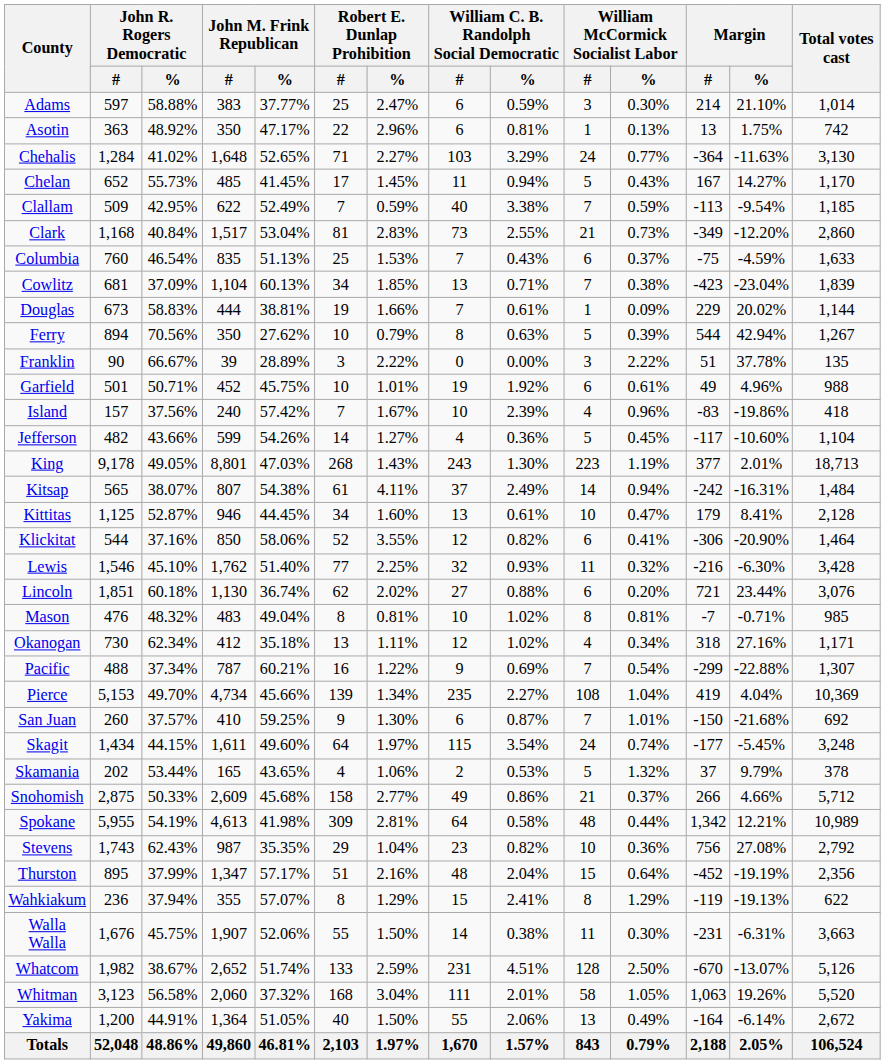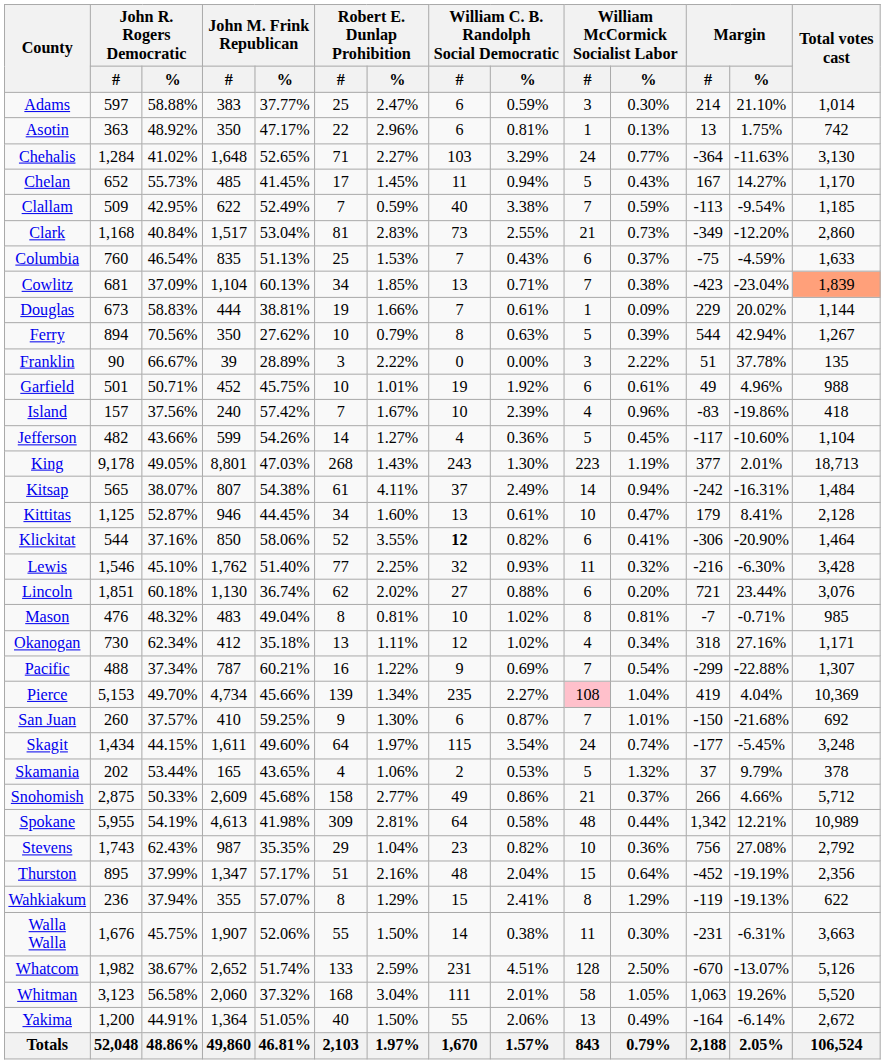 <table class="wikitable sortable">
 <tr>
 <th style="text-align:center;" rowspan="2">County</th>
 <th style="text-align:center;" colspan="2">John R. Rogers<br>Democratic</th>
 <th style="text-align:center;" colspan="2">John M. Frink<br>Republican</th>
 <th style="text-align:center;" colspan="2">Robert E. Dunlap<br>Prohibition</th>
 <th style="text-align:center;" colspan="2">William C. B. Randolph<br>Social Democratic</th>
 <th style="text-align:center;" colspan="2">William McCormick<br>Socialist Labor</th>
 <th style="text-align:center;" colspan="2">Margin</th>
 <th style="text-align:center;" rowspan="2">Total votes cast</th>
 </tr>
 <tr bgcolor="lightgrey">
 <th style="text-align:center;" data-sort-type="number">#</th>
 <th style="text-align:center;" data-sort-type="number">%</th>
 <th style="text-align:center;" data-sort-type="number">#</th>
 <th style="text-align:center;" data-sort-type="number">%</th>
 <th style="text-align:center;" data-sort-type="number">#</th>
 <th style="text-align:center;" data-sort-type="number">%</th>
 <th style="text-align:center;" data-sort-type="number">#</th>
 <th style="text-align:center;" data-sort-type="number">%</th>
 <th style="text-align:center;" data-sort-type="number">#</th>
 <th style="text-align:center;" data-sort-type="number">%</th>
 <th style="text-align:center;" data-sort-type="number">#</th>
 <th style="text-align:center;" data-sort-type="number">%</th>
 </tr>
 <tr style="text-align:center;">
 <td><a href='#'>Adams</a></td>
 <td>597</td>
 <td>58.88%</td>
 <td>383</td>
 <td>37.77%</td>
 <td>25</td>
 <td>2.47%</td>
 <td>6</td>
 <td>0.59%</td>
 <td>3</td>
 <td>0.30%</td>
 <td>214</td>
 <td>21.10%</td>
 <td>1,014</td>
 </tr>
 <tr style="text-align:center;">
 <td><a href='#'>Asotin</a></td>
 <td>363</td>
 <td>48.92%</td>
 <td>350</td>
 <td>47.17%</td>
 <td>22</td>
 <td>2.96%</td>
 <td>6</td>
 <td>0.81%</td>
 <td>1</td>
 <td>0.13%</td>
 <td>13</td>
 <td>1.75%</td>
 <td>742</td>
 </tr>
 <tr style="text-align:center;">
 <td><a href='#'>Chehalis</a></td>
 <td>1,284</td>
 <td>41.02%</td>
 <td>1,648</td>
 <td>52.65%</td>
 <td>71</td>
 <td>2.27%</td>
 <td>103</td>
 <td>3.29%</td>
 <td>24</td>
 <td>0.77%</td>
 <td>-364</td>
 <td>-11.63%</td>
 <td>3,130</td>
 </tr>
 <tr style="text-align:center;">
 <td><a href='#'>Chelan</a></td>
 <td>652</td>
 <td>55.73%</td>
 <td>485</td>
 <td>41.45%</td>
 <td>17</td>
 <td>1.45%</td>
 <td>11</td>
 <td>0.94%</td>
 <td>5</td>
 <td>0.43%</td>
 <td>167</td>
 <td>14.27%</td>
 <td>1,170</td>
 </tr>
 <tr style="text-align:center;">
 <td><a href='#'>Clallam</a></td>
 <td>509</td>
 <td>42.95%</td>
 <td>622</td>
 <td>52.49%</td>
 <td>7</td>
 <td>0.59%</td>
 <td>40</td>
 <td>3.38%</td>
 <td>7</td>
 <td>0.59%</td>
 <td>-113</td>
 <td>-9.54%</td>
 <td>1,185</td>
 </tr>
 <tr style="text-align:center;">
 <td><a href='#'>Clark</a></td>
 <td>1,168</td>
 <td>40.84%</td>
 <td>1,517</td>
 <td>53.04%</td>
 <td>81</td>
 <td>2.83%</td>
 <td>73</td>
 <td>2.55%</td>
 <td>21</td>
 <td>0.73%</td>
 <td>-349</td>
 <td>-12.20%</td>
 <td>2,860</td>
 </tr>
 <tr style="text-align:center;">
 <td><a href='#'>Columbia</a></td>
 <td>760</td>
 <td>46.54%</td>
 <td>835</td>
 <td>51.13%</td>
 <td>25</td>
 <td>1.53%</td>
 <td>7</td>
 <td>0.43%</td>
 <td>6</td>
 <td>0.37%</td>
 <td>-75</td>
 <td>-4.59%</td>
 <td>1,633</td>
 </tr>
 <tr style="text-align:center;">
 <td><a href='#'>Cowlitz</a></td>
 <td>681</td>
 <td>37.09%</td>
 <td>1,104</td>
 <td>60.13%</td>
 <td>34</td>
 <td>1.85%</td>
 <td>13</td>
 <td>0.71%</td>
 <td>7</td>
 <td>0.38%</td>
 <td>-423</td>
 <td>-23.04%</td>
-<td>1,839</td>
+<td style="background: lightsalmon;">1,839</td>
 </tr>
 <tr style="text-align:center;">
 <td><a href='#'>Douglas</a></td>
 <td>673</td>
 <td>58.83%</td>
 <td>444</td>
 <td>38.81%</td>
 <td>19</td>
 <td>1.66%</td>
 <td>7</td>
 <td>0.61%</td>
 <td>1</td>
 <td>0.09%</td>
 <td>229</td>
 <td>20.02%</td>
 <td>1,144</td>
 </tr>
 <tr style="text-align:center;">
 <td><a href='#'>Ferry</a></td>
 <td>894</td>
 <td>70.56%</td>
 <td>350</td>
 <td>27.62%</td>
 <td>10</td>
 <td>0.79%</td>
 <td>8</td>
 <td>0.63%</td>
 <td>5</td>
 <td>0.39%</td>
 <td>544</td>
 <td>42.94%</td>
 <td>1,267</td>
 </tr>
 <tr style="text-align:center;">
 <td><a href='#'>Franklin</a></td>
 <td>90</td>
 <td>66.67%</td>
 <td>39</td>
 <td>28.89%</td>
 <td>3</td>
 <td>2.22%</td>
 <td>0</td>
 <td>0.00%</td>
 <td>3</td>
 <td>2.22%</td>
 <td>51</td>
 <td>37.78%</td>
 <td>135</td>
 </tr>
 <tr style="text-align:center;">
 <td><a href='#'>Garfield</a></td>
 <td>501</td>
 <td>50.71%</td>
 <td>452</td>
 <td>45.75%</td>
 <td>10</td>
 <td>1.01%</td>
 <td>19</td>
 <td>1.92%</td>
 <td>6</td>
 <td>0.61%</td>
 <td>49</td>
 <td>4.96%</td>
 <td>988</td>
 </tr>
 <tr style="text-align:center;">
 <td><a href='#'>Island</a></td>
 <td>157</td>
 <td>37.56%</td>
 <td>240</td>
 <td>57.42%</td>
 <td>7</td>
 <td>1.67%</td>
 <td>10</td>
 <td>2.39%</td>
 <td>4</td>
 <td>0.96%</td>
 <td>-83</td>
 <td>-19.86%</td>
 <td>418</td>
 </tr>
 <tr style="text-align:center;">
 <td><a href='#'>Jefferson</a></td>
 <td>482</td>
 <td>43.66%</td>
 <td>599</td>
 <td>54.26%</td>
 <td>14</td>
 <td>1.27%</td>
 <td>4</td>
 <td>0.36%</td>
 <td>5</td>
 <td>0.45%</td>
 <td>-117</td>
 <td>-10.60%</td>
 <td>1,104</td>
 </tr>
 <tr style="text-align:center;">
 <td><a href='#'>King</a></td>
 <td>9,178</td>
 <td>49.05%</td>
 <td>8,801</td>
 <td>47.03%</td>
 <td>268</td>
 <td>1.43%</td>
 <td>243</td>
 <td>1.30%</td>
 <td>223</td>
 <td>1.19%</td>
 <td>377</td>
 <td>2.01%</td>
 <td>18,713</td>
 </tr>
 <tr style="text-align:center;">
 <td><a href='#'>Kitsap</a></td>
 <td>565</td>
 <td>38.07%</td>
 <td>807</td>
 <td>54.38%</td>
 <td>61</td>
 <td>4.11%</td>
 <td>37</td>
 <td>2.49%</td>
 <td>14</td>
 <td>0.94%</td>
 <td>-242</td>
 <td>-16.31%</td>
 <td>1,484</td>
 </tr>
 <tr style="text-align:center;">
 <td><a href='#'>Kittitas</a></td>
 <td>1,125</td>
 <td>52.87%</td>
 <td>946</td>
 <td>44.45%</td>
 <td>34</td>
 <td>1.60%</td>
 <td>13</td>
 <td>0.61%</td>
 <td>10</td>
 <td>0.47%</td>
 <td>179</td>
 <td>8.41%</td>
 <td>2,128</td>
 </tr>
 <tr style="text-align:center;">
 <td><a href='#'>Klickitat</a></td>
 <td>544</td>
 <td>37.16%</td>
 <td>850</td>
 <td>58.06%</td>
 <td>52</td>
 <td>3.55%</td>
-<td>12</td>
+<td><strong>12</strong></td>
 <td>0.82%</td>
 <td>6</td>
 <td>0.41%</td>
 <td>-306</td>
 <td>-20.90%</td>
 <td>1,464</td>
 </tr>
 <tr style="text-align:center;">
 <td><a href='#'>Lewis</a></td>
 <td>1,546</td>
 <td>45.10%</td>
 <td>1,762</td>
 <td>51.40%</td>
 <td>77</td>
 <td>2.25%</td>
 <td>32</td>
 <td>0.93%</td>
 <td>11</td>
 <td>0.32%</td>
 <td>-216</td>
 <td>-6.30%</td>
 <td>3,428</td>
 </tr>
 <tr style="text-align:center;">
 <td><a href='#'>Lincoln</a></td>
 <td>1,851</td>
 <td>60.18%</td>
 <td>1,130</td>
 <td>36.74%</td>
 <td>62</td>
 <td>2.02%</td>
 <td>27</td>
 <td>0.88%</td>
 <td>6</td>
 <td>0.20%</td>
 <td>721</td>
 <td>23.44%</td>
 <td>3,076</td>
 </tr>
 <tr style="text-align:center;">
 <td><a href='#'>Mason</a></td>
 <td>476</td>
 <td>48.32%</td>
 <td>483</td>
 <td>49.04%</td>
 <td>8</td>
 <td>0.81%</td>
 <td>10</td>
 <td>1.02%</td>
 <td>8</td>
 <td>0.81%</td>
 <td>-7</td>
 <td>-0.71%</td>
 <td>985</td>
 </tr>
 <tr style="text-align:center;">
 <td><a href='#'>Okanogan</a></td>
 <td>730</td>
 <td>62.34%</td>
 <td>412</td>
 <td>35.18%</td>
 <td>13</td>
 <td>1.11%</td>
 <td>12</td>
 <td>1.02%</td>
 <td>4</td>
 <td>0.34%</td>
 <td>318</td>
 <td>27.16%</td>
 <td>1,171</td>
 </tr>
 <tr style="text-align:center;">
 <td><a href='#'>Pacific</a></td>
 <td>488</td>
 <td>37.34%</td>
 <td>787</td>
 <td>60.21%</td>
 <td>16</td>
 <td>1.22%</td>
 <td>9</td>
 <td>0.69%</td>
 <td>7</td>
 <td>0.54%</td>
 <td>-299</td>
 <td>-22.88%</td>
 <td>1,307</td>
 </tr>
 <tr style="text-align:center;">
 <td><a href='#'>Pierce</a></td>
 <td>5,153</td>
 <td>49.70%</td>
 <td>4,734</td>
 <td>45.66%</td>
 <td>139</td>
 <td>1.34%</td>
 <td>235</td>
 <td>2.27%</td>
-<td>108</td>
+<td style="background: pink;">108</td>
 <td>1.04%</td>
 <td>419</td>
 <td>4.04%</td>
 <td>10,369</td>
 </tr>
 <tr style="text-align:center;">
 <td><a href='#'>San Juan</a></td>
 <td>260</td>
 <td>37.57%</td>
 <td>410</td>
 <td>59.25%</td>
 <td>9</td>
 <td>1.30%</td>
 <td>6</td>
 <td>0.87%</td>
 <td>7</td>
 <td>1.01%</td>
 <td>-150</td>
 <td>-21.68%</td>
 <td>692</td>
 </tr>
 <tr style="text-align:center;">
 <td><a href='#'>Skagit</a></td>
 <td>1,434</td>
 <td>44.15%</td>
 <td>1,611</td>
 <td>49.60%</td>
 <td>64</td>
 <td>1.97%</td>
 <td>115</td>
 <td>3.54%</td>
 <td>24</td>
 <td>0.74%</td>
 <td>-177</td>
 <td>-5.45%</td>
 <td>3,248</td>
 </tr>
 <tr style="text-align:center;">
 <td><a href='#'>Skamania</a></td>
 <td>202</td>
 <td>53.44%</td>
 <td>165</td>
 <td>43.65%</td>
 <td>4</td>
 <td>1.06%</td>
 <td>2</td>
 <td>0.53%</td>
 <td>5</td>
 <td>1.32%</td>
 <td>37</td>
 <td>9.79%</td>
 <td>378</td>
 </tr>
 <tr style="text-align:center;">
 <td><a href='#'>Snohomish</a></td>
 <td>2,875</td>
 <td>50.33%</td>
 <td>2,609</td>
 <td>45.68%</td>
 <td>158</td>
 <td>2.77%</td>
 <td>49</td>
 <td>0.86%</td>
 <td>21</td>
 <td>0.37%</td>
 <td>266</td>
 <td>4.66%</td>
 <td>5,712</td>
 </tr>
 <tr style="text-align:center;">
 <td><a href='#'>Spokane</a></td>
 <td>5,955</td>
 <td>54.19%</td>
 <td>4,613</td>
 <td>41.98%</td>
 <td>309</td>
 <td>2.81%</td>
 <td>64</td>
 <td>0.58%</td>
 <td>48</td>
 <td>0.44%</td>
 <td>1,342</td>
 <td>12.21%</td>
 <td>10,989</td>
 </tr>
 <tr style="text-align:center;">
 <td><a href='#'>Stevens</a></td>
 <td>1,743</td>
 <td>62.43%</td>
 <td>987</td>
 <td>35.35%</td>
 <td>29</td>
 <td>1.04%</td>
 <td>23</td>
 <td>0.82%</td>
 <td>10</td>
 <td>0.36%</td>
 <td>756</td>
 <td>27.08%</td>
 <td>2,792</td>
 </tr>
 <tr style="text-align:center;">
 <td><a href='#'>Thurston</a></td>
 <td>895</td>
 <td>37.99%</td>
 <td>1,347</td>
 <td>57.17%</td>
 <td>51</td>
 <td>2.16%</td>
 <td>48</td>
 <td>2.04%</td>
 <td>15</td>
 <td>0.64%</td>
 <td>-452</td>
 <td>-19.19%</td>
 <td>2,356</td>
 </tr>
 <tr style="text-align:center;">
 <td><a href='#'>Wahkiakum</a></td>
 <td>236</td>
 <td>37.94%</td>
 <td>355</td>
 <td>57.07%</td>
 <td>8</td>
 <td>1.29%</td>
 <td>15</td>
 <td>2.41%</td>
 <td>8</td>
 <td>1.29%</td>
 <td>-119</td>
 <td>-19.13%</td>
 <td>622</td>
 </tr>
 <tr style="text-align:center;">
 <td><a href='#'>Walla Walla</a></td>
 <td>1,676</td>
 <td>45.75%</td>
 <td>1,907</td>
 <td>52.06%</td>
 <td>55</td>
 <td>1.50%</td>
 <td>14</td>
 <td>0.38%</td>
 <td>11</td>
 <td>0.30%</td>
 <td>-231</td>
 <td>-6.31%</td>
 <td>3,663</td>
 </tr>
 <tr style="text-align:center;">
 <td><a href='#'>Whatcom</a></td>
 <td>1,982</td>
 <td>38.67%</td>
 <td>2,652</td>
 <td>51.74%</td>
 <td>133</td>
 <td>2.59%</td>
 <td>231</td>
 <td>4.51%</td>
 <td>128</td>
 <td>2.50%</td>
 <td>-670</td>
 <td>-13.07%</td>
 <td>5,126</td>
 </tr>
 <tr style="text-align:center;">
 <td><a href='#'>Whitman</a></td>
 <td>3,123</td>
 <td>56.58%</td>
 <td>2,060</td>
 <td>37.32%</td>
 <td>168</td>
 <td>3.04%</td>
 <td>111</td>
 <td>2.01%</td>
 <td>58</td>
 <td>1.05%</td>
 <td>1,063</td>
 <td>19.26%</td>
 <td>5,520</td>
 </tr>
 <tr style="text-align:center;">
 <td><a href='#'>Yakima</a></td>
 <td>1,200</td>
 <td>44.91%</td>
 <td>1,364</td>
 <td>51.05%</td>
 <td>40</td>
 <td>1.50%</td>
 <td>55</td>
 <td>2.06%</td>
 <td>13</td>
 <td>0.49%</td>
 <td>-164</td>
 <td>-6.14%</td>
 <td>2,672</td>
 </tr>
 <tr>
 <th>Totals</th>
 <th>52,048</th>
 <th>48.86%</th>
 <th>49,860</th>
 <th>46.81%</th>
 <th>2,103</th>
 <th>1.97%</th>
 <th>1,670</th>
 <th>1.57%</th>
 <th>843</th>
 <th>0.79%</th>
 <th>2,188</th>
 <th>2.05%</th>
 <th>106,524</th>
 </tr>
 </table>
